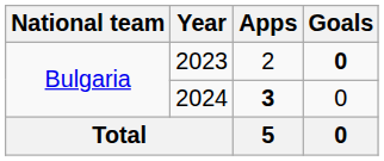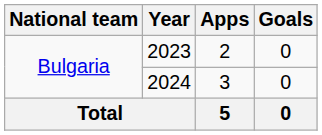 <table class=wikitable style=text-align:center>
 <tr>
 <th>National team</th>
 <th>Year</th>
 <th>Apps</th>
 <th>Goals</th>
 </tr>
 <tr>
 <td rowspan="2"><a href='#'>Bulgaria</a></td>
 <td>2023</td>
 <td>2</td>
-<td><strong>0</strong></td>
+<td>0</td>
 </tr>
 <tr>
 <td>2024</td>
-<td><strong>3</strong></td>
+<td>3</td>
 <td>0</td>
 </tr>
 <tr>
 <th colspan="2">Total</th>
 <th>5</th>
 <th>0</th>
 </tr>
 </table>
